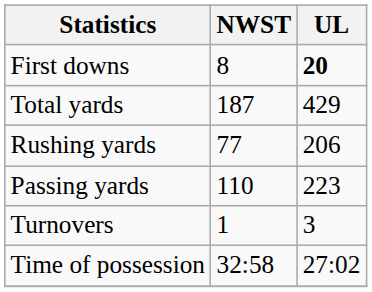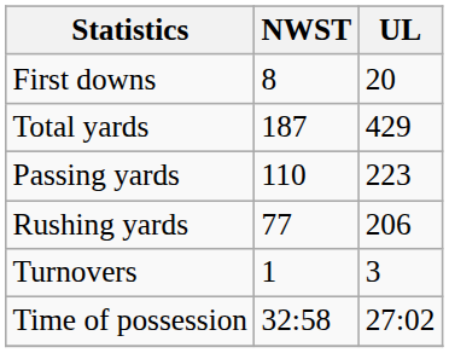 <table class="wikitable" style="float: left;">
 <tr>
 <th>Statistics</th>
 <th>NWST</th>
 <th>UL</th>
 </tr>
 <tr>
 <td>First downs</td>
 <td>8</td>
-<td><strong>20</strong></td>
+<td>20</td>
 </tr>
 <tr>
 <td>Total yards</td>
 <td>187</td>
 <td>429</td>
 </tr>
 <tr>
+<td>Passing yards</td>
+<td>110</td>
+<td>223</td>
+</tr>
+<tr>
 <td>Rushing yards</td>
 <td>77</td>
 <td>206</td>
-</tr>
-<tr>
-<td>Passing yards</td>
-<td>110</td>
-<td>223</td>
 </tr>
 <tr>
 <td>Turnovers</td>
 <td>1</td>
 <td>3</td>
 </tr>
 <tr>
 <td>Time of possession</td>
 <td>32:58</td>
 <td>27:02</td>
 </tr>
 <tr>
 </tr>
 </table>
